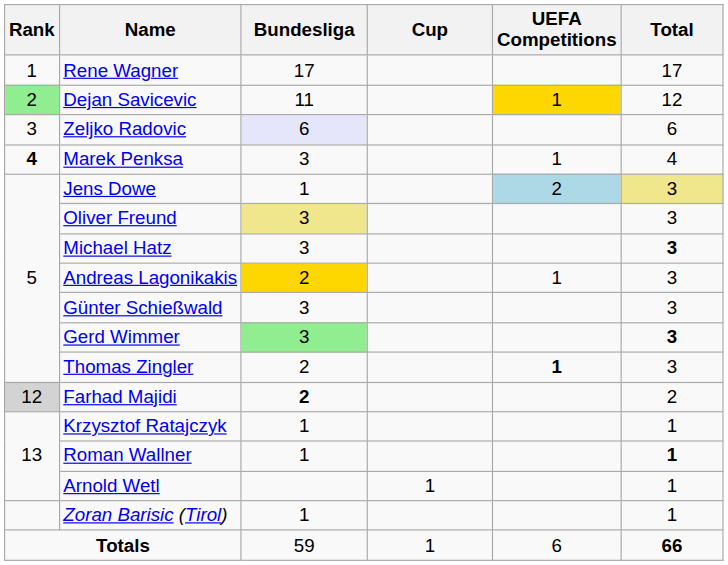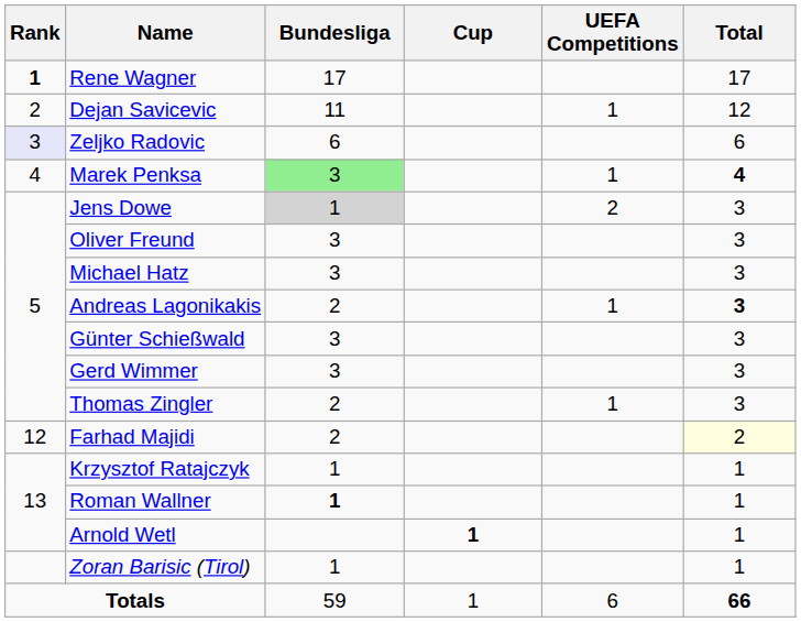 <table class="wikitable" style="text-align: center;">
 <tr>
 <th>Rank</th>
 <th>Name</th>
 <th width=100>Bundesliga</th>
 <th width=100>Cup</th>
 <th width=100>UEFA Competitions</th>
 <th width=80><strong>Total</strong></th>
 </tr>
 <tr>
-<td>1</td>
+<td><strong>1</strong></td>
 <td align="left"> <a href='#'>Rene Wagner</a></td>
 <td>17</td>
 <td></td>
 <td></td>
 <td>17</td>
 </tr>
 <tr>
-<td style="background: lightgreen;">2</td>
+<td>2</td>
 <td align="left"> <a href='#'>Dejan Savicevic</a></td>
 <td>11</td>
 <td></td>
-<td style="background: gold;">1</td>
+<td>1</td>
 <td>12</td>
 </tr>
 <tr>
-<td>3</td>
+<td style="background: lavender;">3</td>
 <td align="left"> <a href='#'>Zeljko Radovic</a></td>
-<td style="background: lavender;">6</td>
+<td>6</td>
 <td></td>
 <td></td>
 <td>6</td>
 </tr>
 <tr>
-<td><strong>4</strong></td>
+<td>4</td>
 <td align="left"> <a href='#'>Marek Penksa</a></td>
-<td>3</td>
+<td style="background: lightgreen;">3</td>
 <td></td>
 <td>1</td>
-<td>4</td>
+<td><strong>4</strong></td>
 </tr>
 <tr>
 <td rowspan="7">5</td>
 <td align="left"> <a href='#'>Jens Dowe</a></td>
-<td>1</td>
+<td style="background: lightgrey;">1</td>
 <td></td>
-<td style="background: lightblue;">2</td>
-<td style="background: khaki;">3</td>
+<td>2</td>
+<td>3</td>
 </tr>
 <tr>
 <td align="left"> <a href='#'>Oliver Freund</a></td>
-<td style="background: khaki;">3</td>
+<td>3</td>
 <td></td>
 <td></td>
 <td>3</td>
 </tr>
 <tr>
 <td align="left"> <a href='#'>Michael Hatz</a></td>
 <td>3</td>
 <td></td>
 <td></td>
-<td><strong>3</strong></td>
+<td>3</td>
 </tr>
 <tr>
 <td align="left"> <a href='#'>Andreas Lagonikakis</a></td>
-<td style="background: gold;">2</td>
+<td>2</td>
 <td></td>
 <td>1</td>
-<td>3</td>
+<td><strong>3</strong></td>
 </tr>
 <tr>
 <td align="left"> <a href='#'>Günter Schießwald</a></td>
 <td>3</td>
 <td></td>
 <td></td>
 <td>3</td>
 </tr>
 <tr>
 <td align="left"> <a href='#'>Gerd Wimmer</a></td>
-<td style="background: lightgreen;">3</td>
+<td>3</td>
 <td></td>
 <td></td>
-<td><strong>3</strong></td>
+<td>3</td>
 </tr>
 <tr>
 <td align="left"> <a href='#'>Thomas Zingler</a></td>
 <td>2</td>
 <td></td>
-<td><strong>1</strong></td>
+<td>1</td>
 <td>3</td>
 </tr>
 <tr>
-<td style="background: lightgrey;">12</td>
+<td>12</td>
 <td align="left"> <a href='#'>Farhad Majidi</a></td>
-<td><strong>2</strong></td>
+<td>2</td>
 <td></td>
 <td></td>
-<td>2</td>
+<td style="background: lightyellow;">2</td>
 </tr>
 <tr>
 <td rowspan="3">13</td>
 <td align="left"> <a href='#'>Krzysztof Ratajczyk</a></td>
 <td>1</td>
 <td></td>
 <td></td>
 <td>1</td>
 </tr>
 <tr>
 <td align="left"> <a href='#'>Roman Wallner</a></td>
-<td>1</td>
+<td><strong>1</strong></td>
 <td></td>
 <td></td>
-<td><strong>1</strong></td>
+<td>1</td>
 </tr>
 <tr>
 <td align="left"> <a href='#'>Arnold Wetl</a></td>
 <td></td>
-<td>1</td>
+<td><strong>1</strong></td>
 <td></td>
 <td>1</td>
 </tr>
 <tr>
 <td rowspan="1"></td>
 <td align="left"> <em><a href='#'>Zoran Barisic</a> (<a href='#'>Tirol</a>)</em></td>
 <td>1</td>
 <td></td>
 <td></td>
 <td>1</td>
 </tr>
 <tr>
 <td colspan="2"><strong>Totals</strong></td>
 <td>59</td>
 <td>1</td>
 <td>6</td>
 <td><strong>66</strong></td>
 </tr>
 </table>
